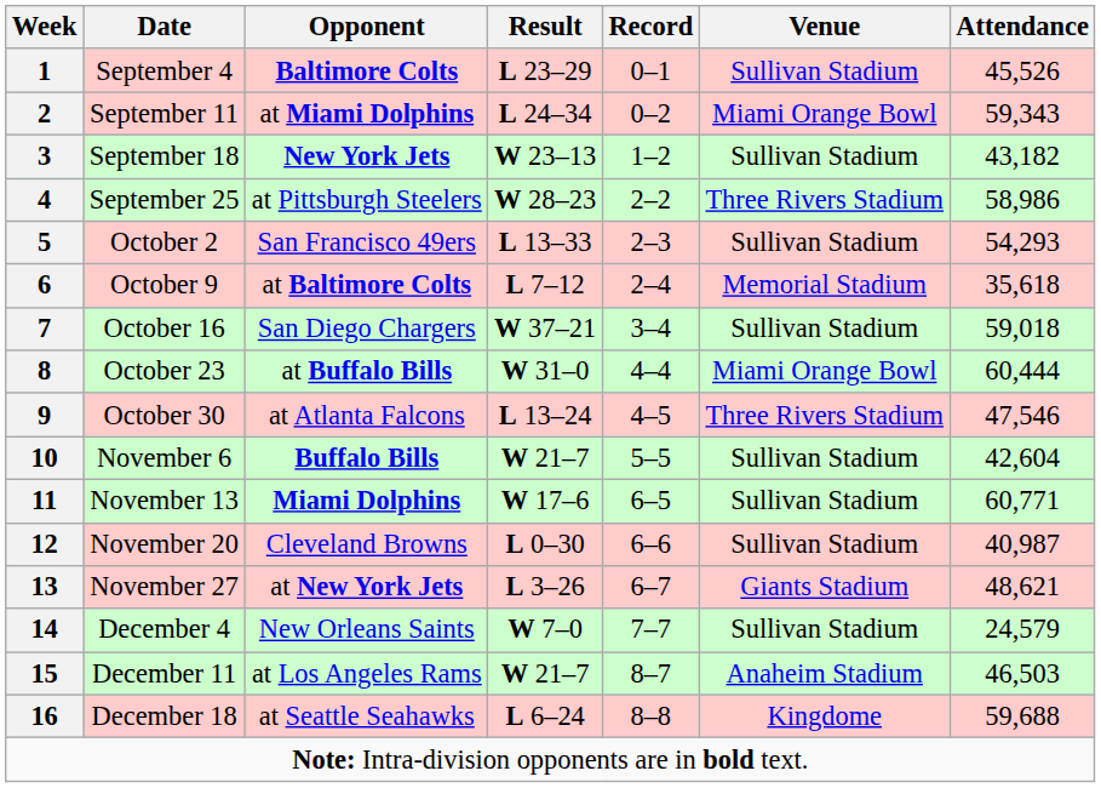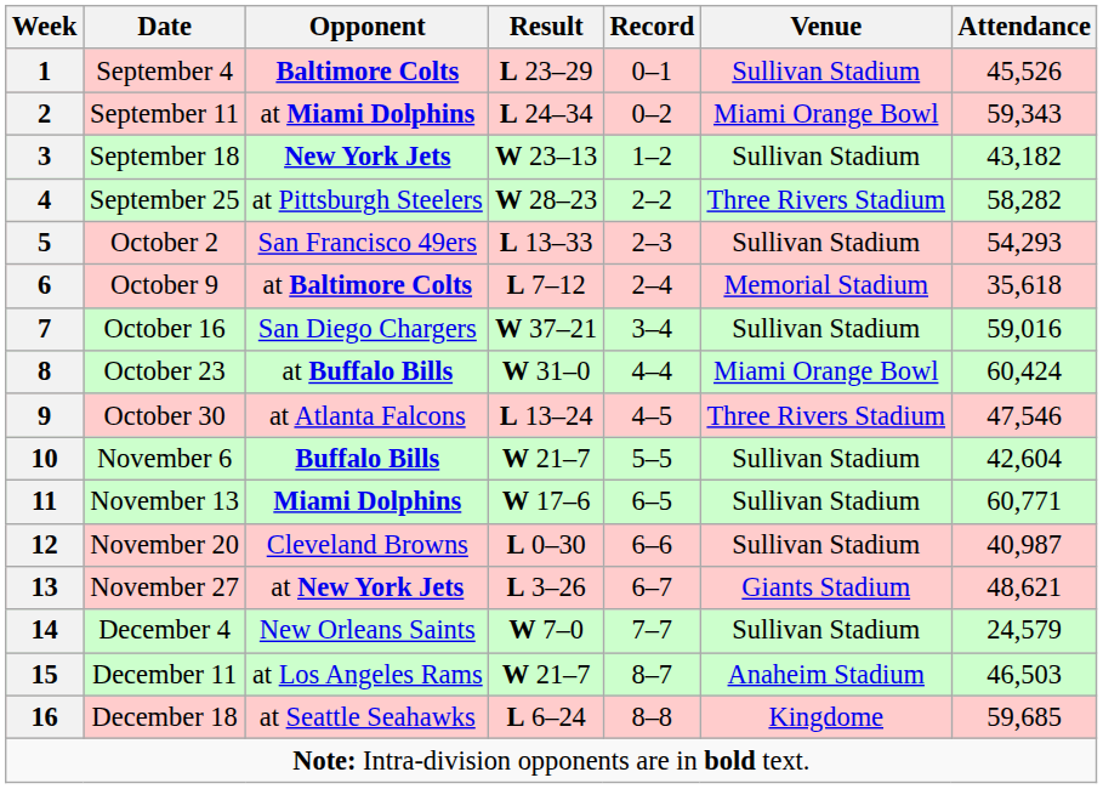 <table class="wikitable" style="text-align:center">
 <tr>
 <th>Week</th>
 <th>Date</th>
 <th>Opponent</th>
 <th>Result</th>
 <th>Record</th>
 <th>Venue</th>
 <th>Attendance</th>
 </tr>
 <tr style="background:#fcc">
 <th>1</th>
 <td>September 4</td>
 <td><strong><a href='#'>Baltimore Colts</a></strong></td>
 <td><strong>L</strong> 23–29</td>
 <td>0–1</td>
 <td><a href='#'>Sullivan Stadium</a></td>
 <td>45,526</td>
 </tr>
 <tr style="background:#fcc">
 <th>2</th>
 <td>September 11</td>
 <td>at <strong><a href='#'>Miami Dolphins</a></strong></td>
 <td><strong>L</strong> 24–34</td>
 <td>0–2</td>
 <td><a href='#'>Miami Orange Bowl</a></td>
 <td>59,343</td>
 </tr>
 <tr style="background:#cfc">
 <th>3</th>
 <td>September 18</td>
 <td><strong><a href='#'>New York Jets</a></strong></td>
 <td><strong>W</strong> 23–13</td>
 <td>1–2</td>
 <td>Sullivan Stadium</td>
 <td>43,182</td>
 </tr>
 <tr style="background:#cfc">
 <th>4</th>
 <td>September 25</td>
 <td>at <a href='#'>Pittsburgh Steelers</a></td>
 <td><strong>W</strong> 28–23</td>
 <td>2–2</td>
 <td><a href='#'>Three Rivers Stadium</a></td>
-<td>58,986</td>
+<td>58,282</td>
 </tr>
 <tr style="background:#fcc">
 <th>5</th>
 <td>October 2</td>
 <td><a href='#'>San Francisco 49ers</a></td>
 <td><strong>L</strong> 13–33</td>
 <td>2–3</td>
 <td>Sullivan Stadium</td>
 <td>54,293</td>
 </tr>
 <tr style="background:#fcc">
 <th>6</th>
 <td>October 9</td>
 <td>at <strong><a href='#'>Baltimore Colts</a></strong></td>
 <td><strong>L</strong> 7–12</td>
 <td>2–4</td>
 <td><a href='#'>Memorial Stadium</a></td>
 <td>35,618</td>
 </tr>
 <tr style="background:#cfc">
 <th>7</th>
 <td>October 16</td>
 <td><a href='#'>San Diego Chargers</a></td>
 <td><strong>W</strong> 37–21</td>
 <td>3–4</td>
 <td>Sullivan Stadium</td>
-<td>59,018</td>
+<td>59,016</td>
 </tr>
 <tr style="background:#cfc">
 <th>8</th>
 <td>October 23</td>
 <td>at <strong><a href='#'>Buffalo Bills</a></strong></td>
 <td><strong>W</strong> 31–0</td>
 <td>4–4</td>
 <td><a href='#'>Miami Orange Bowl</a></td>
-<td>60,444</td>
+<td>60,424</td>
 </tr>
 <tr style="background:#fcc">
 <th>9</th>
 <td>October 30</td>
 <td>at <a href='#'>Atlanta Falcons</a></td>
 <td><strong>L</strong> 13–24</td>
 <td>4–5</td>
 <td><a href='#'>Three Rivers Stadium</a></td>
 <td>47,546</td>
 </tr>
 <tr style="background:#cfc">
 <th>10</th>
 <td>November 6</td>
 <td><strong><a href='#'>Buffalo Bills</a></strong></td>
 <td><strong>W</strong> 21–7</td>
 <td>5–5</td>
 <td>Sullivan Stadium</td>
 <td>42,604</td>
 </tr>
 <tr style="background:#cfc">
 <th>11</th>
 <td>November 13</td>
 <td><strong><a href='#'>Miami Dolphins</a></strong></td>
 <td><strong>W</strong> 17–6</td>
 <td>6–5</td>
 <td>Sullivan Stadium</td>
 <td>60,771</td>
 </tr>
 <tr style="background:#fcc">
 <th>12</th>
 <td>November 20</td>
 <td><a href='#'>Cleveland Browns</a></td>
 <td><strong>L</strong> 0–30</td>
 <td>6–6</td>
 <td>Sullivan Stadium</td>
 <td>40,987</td>
 </tr>
 <tr style="background:#fcc">
 <th>13</th>
 <td>November 27</td>
 <td>at <strong><a href='#'>New York Jets</a></strong></td>
 <td><strong>L</strong> 3–26</td>
 <td>6–7</td>
 <td><a href='#'>Giants Stadium</a></td>
 <td>48,621</td>
 </tr>
 <tr style="background:#cfc">
 <th>14</th>
 <td>December 4</td>
 <td><a href='#'>New Orleans Saints</a></td>
 <td><strong>W</strong> 7–0</td>
 <td>7–7</td>
 <td>Sullivan Stadium</td>
 <td>24,579</td>
 </tr>
 <tr style="background:#cfc">
 <th>15</th>
 <td>December 11</td>
 <td>at <a href='#'>Los Angeles Rams</a></td>
 <td><strong>W</strong> 21–7</td>
 <td>8–7</td>
 <td><a href='#'>Anaheim Stadium</a></td>
 <td>46,503</td>
 </tr>
 <tr style="background:#fcc">
 <th>16</th>
 <td>December 18</td>
 <td>at <a href='#'>Seattle Seahawks</a></td>
 <td><strong>L</strong> 6–24</td>
 <td>8–8</td>
 <td><a href='#'>Kingdome</a></td>
-<td>59,688</td>
+<td>59,685</td>
 </tr>
 <tr>
 <td colspan="8"><strong>Note:</strong> Intra-division opponents are in <strong>bold</strong> text.</td>
 </tr>
 </table>
